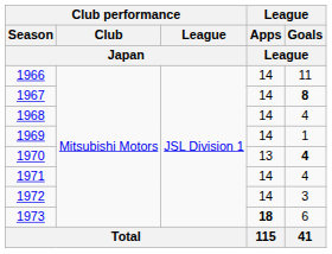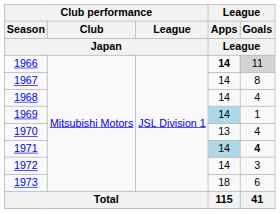 <table class="wikitable" style="text-align:center;">
 <tr>
 <th colspan=3>Club performance</th>
 <th colspan=2>League</th>
 </tr>
 <tr>
 <th>Season</th>
 <th>Club</th>
 <th>League</th>
 <th>Apps</th>
 <th>Goals</th>
 </tr>
 <tr>
 <th colspan=3>Japan</th>
 <th colspan=2>League</th>
 </tr>
 <tr>
 <td><a href='#'>1966</a></td>
 <td rowspan=8><a href='#'>Mitsubishi Motors</a></td>
 <td rowspan=8><a href='#'>JSL Division 1</a></td>
-<td>14</td>
-<td>11</td>
+<td><strong>14</strong></td>
+<td style="background: lightgrey;">11</td>
 </tr>
 <tr>
 <td><a href='#'>1967</a></td>
 <td>14</td>
-<td><strong>8</strong></td>
+<td>8</td>
 </tr>
 <tr>
 <td><a href='#'>1968</a></td>
 <td>14</td>
 <td>4</td>
 </tr>
 <tr>
 <td><a href='#'>1969</a></td>
-<td>14</td>
+<td style="background: lightblue;">14</td>
 <td>1</td>
 </tr>
 <tr>
 <td><a href='#'>1970</a></td>
 <td>13</td>
-<td><strong>4</strong></td>
+<td>4</td>
 </tr>
 <tr>
 <td><a href='#'>1971</a></td>
-<td>14</td>
-<td>4</td>
+<td style="background: lightblue;">14</td>
+<td><strong>4</strong></td>
 </tr>
 <tr>
 <td><a href='#'>1972</a></td>
 <td>14</td>
 <td>3</td>
 </tr>
 <tr>
 <td><a href='#'>1973</a></td>
-<td><strong>18</strong></td>
+<td>18</td>
 <td>6</td>
 </tr>
 <tr>
 <th colspan=3>Total</th>
 <th>115</th>
 <th>41</th>
 </tr>
 </table>
